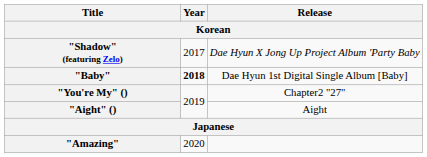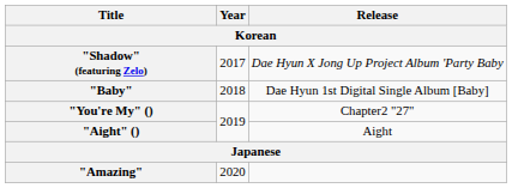 <table class="wikitable plainrowheaders" style="text-align:center;" border="1">
 <tr>
 <th scope="col" style="width:16em;">Title</th>
 <th scope="col">Year</th>
 <th scope="col">Release</th>
 </tr>
 <tr>
 <th colspan="3">Korean</th>
 </tr>
 <tr>
 <th scope="row">"Shadow"<br><small>(featuring <a href='#'>Zelo</a>)</small></th>
 <td>2017</td>
 <td><em>Dae Hyun X Jong Up Project Album 'Party Baby<strong></td>
 </tr>
 <tr>
 <th scope="row">"Baby"</th>
-<td><strong>2018</strong></td>
+<td>2018</td>
 <td></em>Dae Hyun 1st Digital Single Album [Baby]<em></td>
 </tr>
 <tr>
 <th scope="row">"You're My" ()</th>
 <td rowspan="2">2019</td>
 <td></em>Chapter2 "27"<em></td>
 </tr>
 <tr>
 <th scope="row">"Aight" ()</th>
 <td></em>Aight<em></td>
 </tr>
 <tr>
 <th colspan="3">Japanese</th>
 </tr>
 <tr>
 <th scope="row">"Amazing"</th>
 <td>2020</td>
 <td></td>
 </tr>
 </table>
